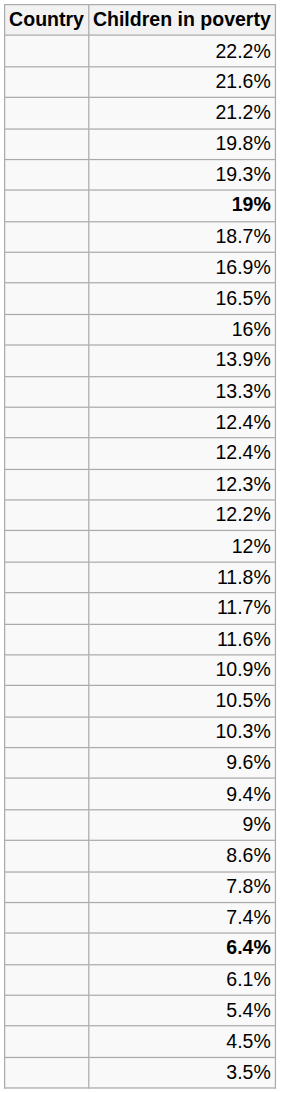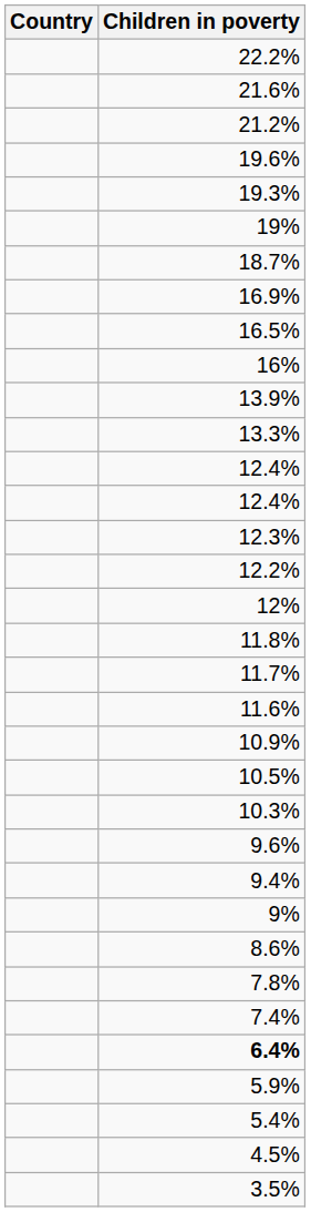 <table class="wikitable sortable static-row-numbers" style="text-align:right;">
 <tr>
 <th>Country</th>
 <th>Children in poverty</th>
 </tr>
 <tr>
 <td></td>
 <td>22.2%</td>
 </tr>
 <tr>
 <td></td>
 <td>21.6%</td>
 </tr>
 <tr>
 <td></td>
 <td>21.2%</td>
 </tr>
 <tr>
 <td></td>
-<td>19.8%</td>
+<td>19.6%</td>
 </tr>
 <tr>
 <td></td>
 <td>19.3%</td>
 </tr>
 <tr>
 <td></td>
-<td><strong>19%</strong></td>
+<td>19%</td>
 </tr>
 <tr>
 <td></td>
 <td>18.7%</td>
 </tr>
 <tr>
 <td></td>
 <td>16.9%</td>
 </tr>
 <tr>
 <td></td>
 <td>16.5%</td>
 </tr>
 <tr>
 <td></td>
 <td>16%</td>
 </tr>
 <tr>
 <td></td>
 <td>13.9%</td>
 </tr>
 <tr>
 <td></td>
 <td>13.3%</td>
 </tr>
 <tr>
 <td></td>
 <td>12.4%</td>
 </tr>
 <tr>
 <td></td>
 <td>12.4%</td>
 </tr>
 <tr>
 <td></td>
 <td>12.3%</td>
 </tr>
 <tr>
 <td></td>
 <td>12.2%</td>
 </tr>
 <tr>
 <td></td>
 <td>12%</td>
 </tr>
 <tr>
 <td></td>
 <td>11.8%</td>
 </tr>
 <tr>
 <td></td>
 <td>11.7%</td>
 </tr>
 <tr>
 <td></td>
 <td>11.6%</td>
 </tr>
 <tr>
 <td></td>
 <td>10.9%</td>
 </tr>
 <tr>
 <td></td>
 <td>10.5%</td>
 </tr>
 <tr>
 <td></td>
 <td>10.3%</td>
 </tr>
 <tr>
 <td></td>
 <td>9.6%</td>
 </tr>
 <tr>
 <td></td>
 <td>9.4%</td>
 </tr>
 <tr>
 <td></td>
 <td>9%</td>
 </tr>
 <tr>
 <td></td>
 <td>8.6%</td>
 </tr>
 <tr>
 <td></td>
 <td>7.8%</td>
 </tr>
 <tr>
 <td></td>
 <td>7.4%</td>
 </tr>
 <tr>
 <td></td>
 <td><strong>6.4%</strong></td>
 </tr>
 <tr>
 <td></td>
-<td>6.1%</td>
+<td>5.9%</td>
 </tr>
 <tr>
 <td></td>
 <td>5.4%</td>
 </tr>
 <tr>
 <td></td>
 <td>4.5%</td>
 </tr>
 <tr>
 <td></td>
 <td>3.5%</td>
 </tr>
 </table>
